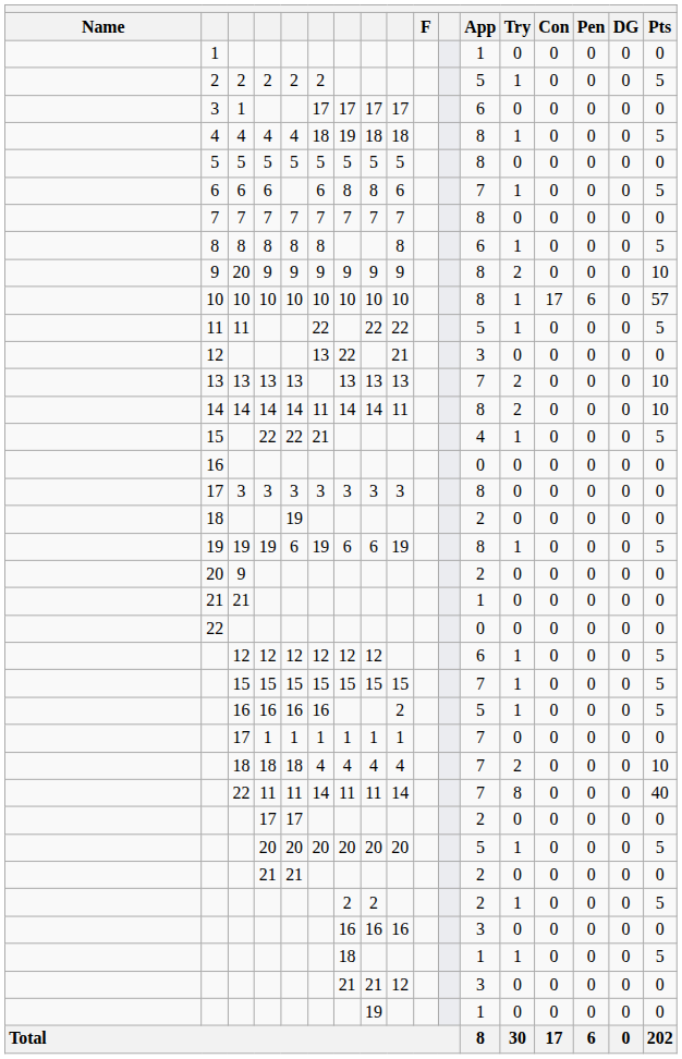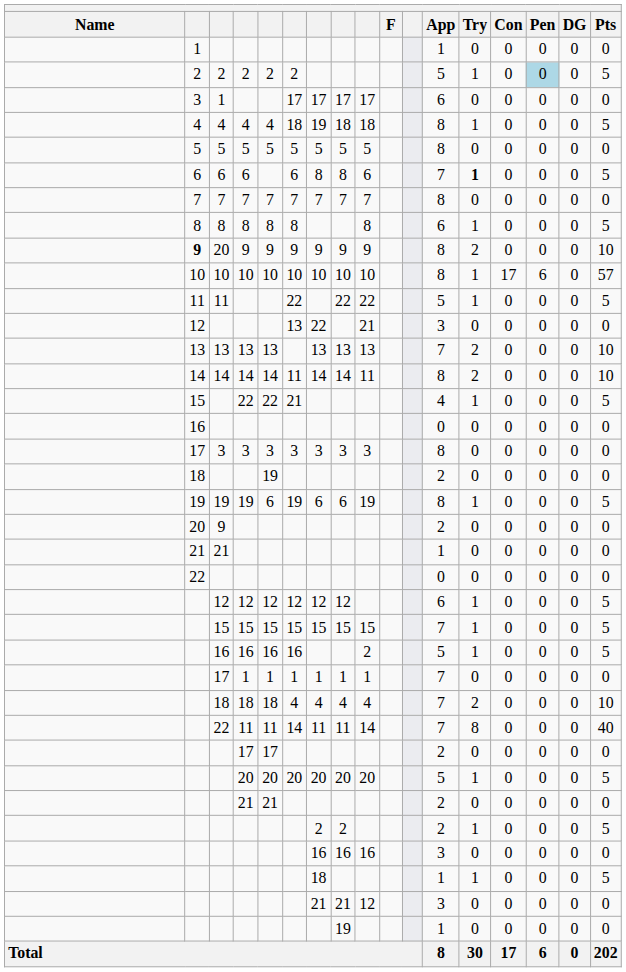 <table class="wikitable collapsible collapsed" style="text-align:center; font-size:100%; width:100%">
 <tr>
 <th colspan="100%"></th>
 </tr>
 <tr>
 <th style="width:36%;">Name</th>
 <th style="width:4%;"></th>
 <th style="width:4%;"></th>
 <th style="width:4%;"></th>
 <th style="width:4%;"></th>
 <th style="width:4%;"></th>
 <th style="width:4%;"></th>
 <th style="width:4%;"></th>
 <th style="width:4%;"></th>
 <th style="width:4%;">F</th>
 <th style="width:4%;"></th>
 <th style="width:4%;">App</th>
 <th style="width:4%;">Try</th>
 <th style="width:4%;">Con</th>
 <th style="width:4%;">Pen</th>
 <th style="width:4%;">DG</th>
 <th style="width:4%;">Pts</th>
 </tr>
 <tr>
 <td style="text-align:left;"></td>
 <td>1</td>
 <td></td>
 <td></td>
 <td></td>
 <td></td>
 <td></td>
 <td></td>
 <td></td>
 <td></td>
 <td style="background:#EBECF0;"></td>
 <td>1</td>
 <td>0</td>
 <td>0</td>
 <td>0</td>
 <td>0</td>
 <td>0</td>
 </tr>
 <tr>
 <td style="text-align:left;"></td>
 <td>2</td>
 <td>2</td>
 <td>2</td>
 <td>2</td>
 <td>2</td>
 <td></td>
 <td></td>
 <td></td>
 <td></td>
 <td style="background:#EBECF0;"></td>
 <td>5</td>
 <td>1</td>
 <td>0</td>
-<td>0</td>
+<td style="background: lightblue;">0</td>
 <td>0</td>
 <td>5</td>
 </tr>
 <tr>
 <td style="text-align:left;"></td>
 <td>3</td>
 <td>1</td>
 <td></td>
 <td></td>
 <td>17 </td>
 <td>17 </td>
 <td>17 </td>
 <td>17 </td>
 <td></td>
 <td style="background:#EBECF0;"></td>
 <td>6</td>
 <td>0</td>
 <td>0</td>
 <td>0</td>
 <td>0</td>
 <td>0</td>
 </tr>
 <tr>
 <td style="text-align:left;"></td>
 <td>4</td>
 <td>4</td>
 <td>4</td>
 <td>4</td>
 <td>18 </td>
 <td>19 </td>
 <td>18 </td>
 <td>18 </td>
 <td></td>
 <td style="background:#EBECF0;"></td>
 <td>8</td>
 <td>1</td>
 <td>0</td>
 <td>0</td>
 <td>0</td>
 <td>5</td>
 </tr>
 <tr>
 <td style="text-align:left;"></td>
 <td>5</td>
 <td>5</td>
 <td>5</td>
 <td>5</td>
 <td>5</td>
 <td>5</td>
 <td>5</td>
 <td>5</td>
 <td></td>
 <td style="background:#EBECF0;"></td>
 <td>8</td>
 <td>0</td>
 <td>0</td>
 <td>0</td>
 <td>0</td>
 <td>0</td>
 </tr>
 <tr>
 <td style="text-align:left;"></td>
 <td>6</td>
 <td>6</td>
 <td>6</td>
 <td></td>
 <td>6</td>
 <td>8</td>
 <td>8</td>
 <td>6</td>
 <td></td>
 <td style="background:#EBECF0;"></td>
 <td>7</td>
-<td>1</td>
+<td><strong>1</strong></td>
 <td>0</td>
 <td>0</td>
 <td>0</td>
 <td>5</td>
 </tr>
 <tr>
 <td style="text-align:left;"></td>
 <td>7</td>
 <td>7</td>
 <td>7</td>
 <td>7</td>
 <td>7</td>
 <td>7</td>
 <td>7</td>
 <td>7</td>
 <td></td>
 <td style="background:#EBECF0;"></td>
 <td>8</td>
 <td>0</td>
 <td>0</td>
 <td>0</td>
 <td>0</td>
 <td>0</td>
 </tr>
 <tr>
 <td style="text-align:left;"></td>
 <td>8</td>
 <td>8</td>
 <td>8</td>
 <td>8</td>
 <td>8</td>
 <td></td>
 <td></td>
 <td>8</td>
 <td></td>
 <td style="background:#EBECF0;"></td>
 <td>6</td>
 <td>1</td>
 <td>0</td>
 <td>0</td>
 <td>0</td>
 <td>5</td>
 </tr>
 <tr>
 <td style="text-align:left;"></td>
-<td>9</td>
+<td><strong>9</strong></td>
 <td>20 </td>
 <td>9</td>
 <td>9</td>
 <td>9</td>
 <td>9</td>
 <td>9</td>
 <td>9</td>
 <td></td>
 <td style="background:#EBECF0;"></td>
 <td>8</td>
 <td>2</td>
 <td>0</td>
 <td>0</td>
 <td>0</td>
 <td>10</td>
 </tr>
 <tr>
 <td style="text-align:left;"></td>
 <td>10</td>
 <td>10</td>
 <td>10</td>
 <td>10</td>
 <td>10</td>
 <td>10</td>
 <td>10</td>
 <td>10</td>
 <td></td>
 <td style="background:#EBECF0;"></td>
 <td>8</td>
 <td>1</td>
 <td>17</td>
 <td>6</td>
 <td>0</td>
 <td>57</td>
 </tr>
 <tr>
 <td style="text-align:left;"></td>
 <td>11</td>
 <td>11</td>
 <td></td>
 <td></td>
 <td>22 </td>
 <td></td>
 <td>22 </td>
 <td>22 </td>
 <td></td>
 <td style="background:#EBECF0;"></td>
 <td>5</td>
 <td>1</td>
 <td>0</td>
 <td>0</td>
 <td>0</td>
 <td>5</td>
 </tr>
 <tr>
 <td style="text-align:left;"></td>
 <td>12</td>
 <td></td>
 <td></td>
 <td></td>
 <td>13</td>
 <td>22</td>
 <td></td>
 <td>21 </td>
 <td></td>
 <td style="background:#EBECF0;"></td>
 <td>3</td>
 <td>0</td>
 <td>0</td>
 <td>0</td>
 <td>0</td>
 <td>0</td>
 </tr>
 <tr>
 <td style="text-align:left;"></td>
 <td>13</td>
 <td>13</td>
 <td>13</td>
 <td>13</td>
 <td></td>
 <td>13</td>
 <td>13</td>
 <td>13</td>
 <td></td>
 <td style="background:#EBECF0;"></td>
 <td>7</td>
 <td>2</td>
 <td>0</td>
 <td>0</td>
 <td>0</td>
 <td>10</td>
 </tr>
 <tr>
 <td style="text-align:left;"></td>
 <td>14</td>
 <td>14</td>
 <td>14</td>
 <td>14</td>
 <td>11</td>
 <td>14</td>
 <td>14</td>
 <td>11</td>
 <td></td>
 <td style="background:#EBECF0;"></td>
 <td>8</td>
 <td>2</td>
 <td>0</td>
 <td>0</td>
 <td>0</td>
 <td>10</td>
 </tr>
 <tr>
 <td style="text-align:left;"></td>
 <td>15</td>
 <td></td>
 <td>22 </td>
 <td>22 </td>
 <td>21 </td>
 <td></td>
 <td></td>
 <td></td>
 <td></td>
 <td style="background:#EBECF0;"></td>
 <td>4</td>
 <td>1</td>
 <td>0</td>
 <td>0</td>
 <td>0</td>
 <td>5</td>
 </tr>
 <tr>
 <td style="text-align:left;"></td>
 <td>16</td>
 <td></td>
 <td></td>
 <td></td>
 <td></td>
 <td></td>
 <td></td>
 <td></td>
 <td></td>
 <td style="background:#EBECF0;"></td>
 <td>0</td>
 <td>0</td>
 <td>0</td>
 <td>0</td>
 <td>0</td>
 <td>0</td>
 </tr>
 <tr>
 <td style="text-align:left;"></td>
 <td>17 </td>
 <td>3</td>
 <td>3</td>
 <td>3</td>
 <td>3</td>
 <td>3</td>
 <td>3</td>
 <td>3</td>
 <td></td>
 <td style="background:#EBECF0;"></td>
 <td>8</td>
 <td>0</td>
 <td>0</td>
 <td>0</td>
 <td>0</td>
 <td>0</td>
 </tr>
 <tr>
 <td style="text-align:left;"></td>
 <td>18 </td>
 <td></td>
 <td></td>
 <td>19 </td>
 <td></td>
 <td></td>
 <td></td>
 <td></td>
 <td></td>
 <td style="background:#EBECF0;"></td>
 <td>2</td>
 <td>0</td>
 <td>0</td>
 <td>0</td>
 <td>0</td>
 <td>0</td>
 </tr>
 <tr>
 <td style="text-align:left;"></td>
 <td>19 </td>
 <td>19 </td>
 <td>19 </td>
 <td>6</td>
 <td>19 </td>
 <td>6</td>
 <td>6</td>
 <td>19 </td>
 <td></td>
 <td style="background:#EBECF0;"></td>
 <td>8</td>
 <td>1</td>
 <td>0</td>
 <td>0</td>
 <td>0</td>
 <td>5</td>
 </tr>
 <tr>
 <td style="text-align:left;"></td>
 <td>20 </td>
 <td>9</td>
 <td></td>
 <td></td>
 <td></td>
 <td></td>
 <td></td>
 <td></td>
 <td></td>
 <td style="background:#EBECF0;"></td>
 <td>2</td>
 <td>0</td>
 <td>0</td>
 <td>0</td>
 <td>0</td>
 <td>0</td>
 </tr>
 <tr>
 <td style="text-align:left;"></td>
 <td>21</td>
 <td>21 </td>
 <td></td>
 <td></td>
 <td></td>
 <td></td>
 <td></td>
 <td></td>
 <td></td>
 <td style="background:#EBECF0;"></td>
 <td>1</td>
 <td>0</td>
 <td>0</td>
 <td>0</td>
 <td>0</td>
 <td>0</td>
 </tr>
 <tr>
 <td style="text-align:left;"></td>
 <td>22</td>
 <td></td>
 <td></td>
 <td></td>
 <td></td>
 <td></td>
 <td></td>
 <td></td>
 <td></td>
 <td style="background:#EBECF0;"></td>
 <td>0</td>
 <td>0</td>
 <td>0</td>
 <td>0</td>
 <td>0</td>
 <td>0</td>
 </tr>
 <tr>
 <td style="text-align:left;"></td>
 <td></td>
 <td>12</td>
 <td>12</td>
 <td>12</td>
 <td>12</td>
 <td>12</td>
 <td>12</td>
 <td></td>
 <td></td>
 <td style="background:#EBECF0;"></td>
 <td>6</td>
 <td>1</td>
 <td>0</td>
 <td>0</td>
 <td>0</td>
 <td>5</td>
 </tr>
 <tr>
 <td style="text-align:left;"></td>
 <td></td>
 <td>15</td>
 <td>15</td>
 <td>15</td>
 <td>15</td>
 <td>15</td>
 <td>15</td>
 <td>15</td>
 <td></td>
 <td style="background:#EBECF0;"></td>
 <td>7</td>
 <td>1</td>
 <td>0</td>
 <td>0</td>
 <td>0</td>
 <td>5</td>
 </tr>
 <tr>
 <td style="text-align:left;"></td>
 <td></td>
 <td>16 </td>
 <td>16 </td>
 <td>16 </td>
 <td>16 </td>
 <td></td>
 <td></td>
 <td>2</td>
 <td></td>
 <td style="background:#EBECF0;"></td>
 <td>5</td>
 <td>1</td>
 <td>0</td>
 <td>0</td>
 <td>0</td>
 <td>5</td>
 </tr>
 <tr>
 <td style="text-align:left;"></td>
 <td></td>
 <td>17 </td>
 <td>1</td>
 <td>1</td>
 <td>1</td>
 <td>1</td>
 <td>1</td>
 <td>1</td>
 <td></td>
 <td style="background:#EBECF0;"></td>
 <td>7</td>
 <td>0</td>
 <td>0</td>
 <td>0</td>
 <td>0</td>
 <td>0</td>
 </tr>
 <tr>
 <td style="text-align:left;"></td>
 <td></td>
 <td>18 </td>
 <td>18 </td>
 <td>18 </td>
 <td>4</td>
 <td>4</td>
 <td>4</td>
 <td>4</td>
 <td></td>
 <td style="background:#EBECF0;"></td>
 <td>7</td>
 <td>2</td>
 <td>0</td>
 <td>0</td>
 <td>0</td>
 <td>10</td>
 </tr>
 <tr>
 <td style="text-align:left;"></td>
 <td></td>
 <td>22 </td>
 <td>11</td>
 <td>11</td>
 <td>14</td>
 <td>11</td>
 <td>11</td>
 <td>14</td>
 <td></td>
 <td style="background:#EBECF0;"></td>
 <td>7</td>
 <td>8</td>
 <td>0</td>
 <td>0</td>
 <td>0</td>
 <td>40</td>
 </tr>
 <tr>
 <td style="text-align:left;"></td>
 <td></td>
 <td></td>
 <td>17 </td>
 <td>17 </td>
 <td></td>
 <td></td>
 <td></td>
 <td></td>
 <td></td>
 <td style="background:#EBECF0;"></td>
 <td>2</td>
 <td>0</td>
 <td>0</td>
 <td>0</td>
 <td>0</td>
 <td>0</td>
 </tr>
 <tr>
 <td style="text-align:left;"></td>
 <td></td>
 <td></td>
 <td>20 </td>
 <td>20 </td>
 <td>20 </td>
 <td>20 </td>
 <td>20</td>
 <td>20 </td>
 <td></td>
 <td style="background:#EBECF0;"></td>
 <td>5</td>
 <td>1</td>
 <td>0</td>
 <td>0</td>
 <td>0</td>
 <td>5</td>
 </tr>
 <tr>
 <td style="text-align:left;"></td>
 <td></td>
 <td></td>
 <td>21 </td>
 <td>21 </td>
 <td></td>
 <td></td>
 <td></td>
 <td></td>
 <td></td>
 <td style="background:#EBECF0;"></td>
 <td>2</td>
 <td>0</td>
 <td>0</td>
 <td>0</td>
 <td>0</td>
 <td>0</td>
 </tr>
 <tr>
 <td style="text-align:left;"></td>
 <td></td>
 <td></td>
 <td></td>
 <td></td>
 <td></td>
 <td>2</td>
 <td>2</td>
 <td></td>
 <td></td>
 <td style="background:#EBECF0;"></td>
 <td>2</td>
 <td>1</td>
 <td>0</td>
 <td>0</td>
 <td>0</td>
 <td>5</td>
 </tr>
 <tr>
 <td style="text-align:left;"></td>
 <td></td>
 <td></td>
 <td></td>
 <td></td>
 <td></td>
 <td>16 </td>
 <td>16 </td>
 <td>16 </td>
 <td></td>
 <td style="background:#EBECF0;"></td>
 <td>3</td>
 <td>0</td>
 <td>0</td>
 <td>0</td>
 <td>0</td>
 <td>0</td>
 </tr>
 <tr>
 <td style="text-align:left;"></td>
 <td></td>
 <td></td>
 <td></td>
 <td></td>
 <td></td>
 <td>18 </td>
 <td></td>
 <td></td>
 <td></td>
 <td style="background:#EBECF0;"></td>
 <td>1</td>
 <td>1</td>
 <td>0</td>
 <td>0</td>
 <td>0</td>
 <td>5</td>
 </tr>
 <tr>
 <td style="text-align:left;"></td>
 <td></td>
 <td></td>
 <td></td>
 <td></td>
 <td></td>
 <td>21 </td>
 <td>21 </td>
 <td>12</td>
 <td></td>
 <td style="background:#EBECF0;"></td>
 <td>3</td>
 <td>0</td>
 <td>0</td>
 <td>0</td>
 <td>0</td>
 <td>0</td>
 </tr>
 <tr>
 <td style="text-align:left;"></td>
 <td></td>
 <td></td>
 <td></td>
 <td></td>
 <td></td>
 <td></td>
 <td>19 </td>
 <td></td>
 <td></td>
 <td style="background:#EBECF0;"></td>
 <td>1</td>
 <td>0</td>
 <td>0</td>
 <td>0</td>
 <td>0</td>
 <td>0</td>
 </tr>
 <tr>
 <th colspan="11" style="text-align:left;">Total</th>
 <th>8</th>
 <th>30</th>
 <th>17</th>
 <th>6</th>
 <th>0</th>
 <th>202</th>
 </tr>
 </table>
